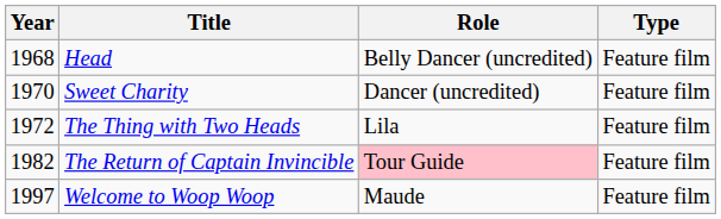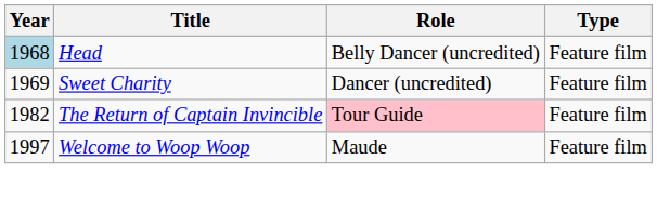 <table class="wikitable">
 <tr>
 <th>Year</th>
 <th>Title</th>
 <th>Role</th>
 <th>Type</th>
 </tr>
 <tr>
-<td>1968</td>
+<td style="background: lightblue;">1968</td>
 <td><em><a href='#'>Head</a></em></td>
 <td>Belly Dancer (uncredited)</td>
 <td>Feature film</td>
 </tr>
 <tr>
-<td>1970</td>
+<td>1969</td>
 <td><em><a href='#'>Sweet Charity</a></em></td>
 <td>Dancer (uncredited)</td>
-<td>Feature film</td>
-</tr>
-<tr>
-<td>1972</td>
-<td><em><a href='#'>The Thing with Two Heads</a></em></td>
-<td>Lila</td>
 <td>Feature film</td>
 </tr>
 <tr>
 <td>1982</td>
 <td><em><a href='#'>The Return of Captain Invincible</a></em></td>
 <td style="background: pink;">Tour Guide</td>
 <td>Feature film</td>
 </tr>
 <tr>
 <td>1997</td>
 <td><em><a href='#'>Welcome to Woop Woop</a></em></td>
 <td>Maude</td>
 <td>Feature film</td>
 </tr>
 </table>
